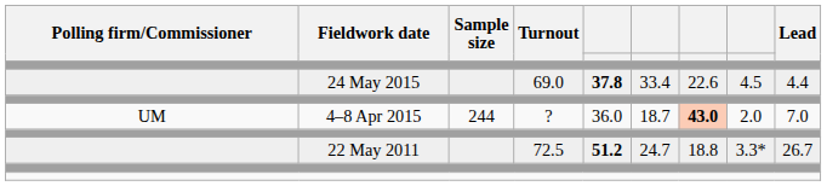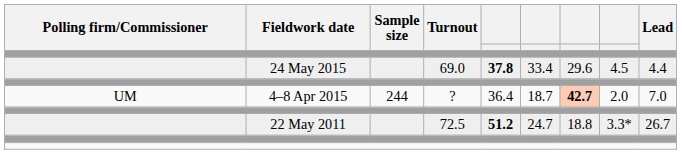 <table class="wikitable collapsible collapsed" style="text-align:center; font-size:95%; line-height:16px;">
 <tr style="height:42px;">
 <th style="width:250px;" rowspan="2">Polling firm/Commissioner</th>
 <th style="width:125px;" rowspan="2">Fieldwork date</th>
 <th style="width:50px;" rowspan="2">Sample size</th>
 <th style="width:45px;" rowspan="2">Turnout</th>
 <th style="width:35px;"></th>
 <th style="width:35px;"></th>
 <th style="width:35px;"></th>
 <th style="width:35px;"></th>
 <th style="width:30px;" rowspan="2">Lead</th>
 </tr>
 <tr>
 <th style="color:inherit;background:"></th>
 <th style="color:inherit;background:"></th>
 <th style="color:inherit;background:"></th>
 <th style="color:inherit;background:"></th>
 </tr>
 <tr>
 <td colspan="9" style="background:#A0A0A0"></td>
 </tr>
 <tr style="background:#EFEFEF;">
 <td><strong></strong></td>
 <td>24 May 2015</td>
 <td></td>
 <td>69.0</td>
 <td><strong>37.8</strong><br></td>
 <td>33.4<br></td>
-<td>22.6<br></td>
+<td>29.6<br></td>
 <td>4.5<br></td>
 <td style="background:">4.4</td>
 </tr>
 <tr>
 <td colspan="9" style="background:#A0A0A0"></td>
 </tr>
 <tr>
 <td>UM</td>
 <td>4–8 Apr 2015</td>
 <td>244</td>
 <td>?</td>
-<td>36.0<br></td>
+<td>36.4<br></td>
 <td>18.7<br></td>
-<td style="background:#FCCCB6"><strong>43.0</strong><br></td>
+<td style="background:#FCCCB6"><strong>42.7</strong><br></td>
 <td>2.0<br></td>
 <td style="background:">7.0</td>
 </tr>
 <tr>
 <td colspan="9" style="background:#A0A0A0"></td>
 </tr>
 <tr style="background:#EFEFEF;">
 <td><strong></strong></td>
 <td>22 May 2011</td>
 <td></td>
 <td>72.5</td>
 <td><strong>51.2</strong><br></td>
 <td>24.7<br></td>
 <td>18.8<br></td>
 <td>3.3*<br></td>
 <td style="background:">26.7</td>
 </tr>
 <tr>
 <td colspan="9" style="background:#A0A0A0"></td>
 </tr>
 <tr>
 <td align="left" colspan="9"></td>
 </tr>
 </table>
